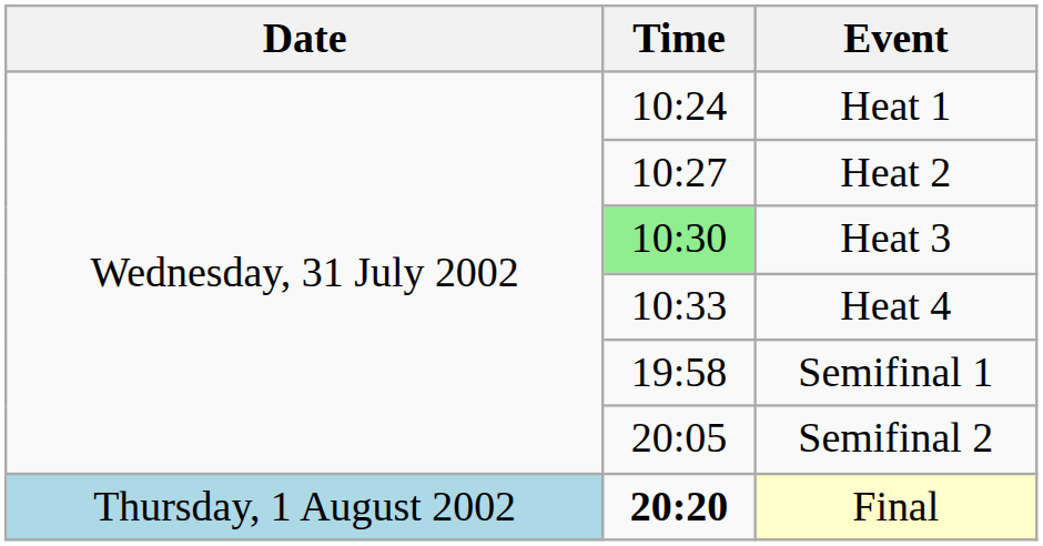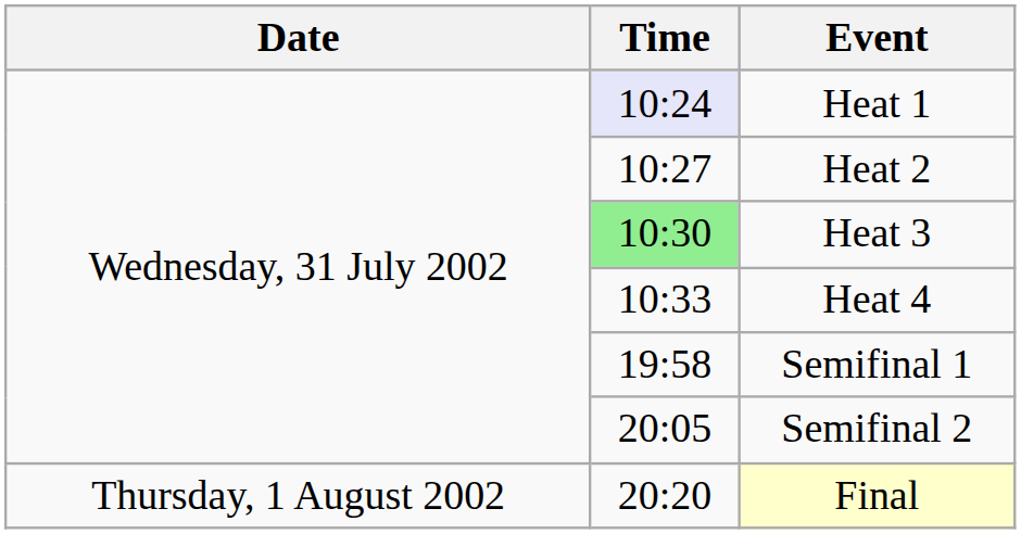 <table class = "wikitable" style="text-align:center;">
 <tr>
 <th width=220>Date</th>
 <th width=50>Time</th>
 <th width=100>Event</th>
 </tr>
 <tr>
 <td rowspan=6>Wednesday, 31 July 2002</td>
-<td>10:24</td>
+<td style="background: lavender;">10:24</td>
 <td>Heat 1</td>
 </tr>
 <tr>
 <td>10:27</td>
 <td>Heat 2</td>
 </tr>
 <tr>
 <td style="background: lightgreen;">10:30</td>
 <td>Heat 3</td>
 </tr>
 <tr>
 <td>10:33</td>
 <td>Heat 4</td>
 </tr>
 <tr>
 <td>19:58</td>
 <td>Semifinal 1</td>
 </tr>
 <tr>
 <td>20:05</td>
 <td>Semifinal 2</td>
 </tr>
 <tr>
-<td style="background: lightblue;">Thursday, 1 August 2002</td>
-<td><strong>20:20</strong></td>
+<td>Thursday, 1 August 2002</td>
+<td>20:20</td>
 <td bgcolor=ffffcc>Final</td>
 </tr>
 </table>
